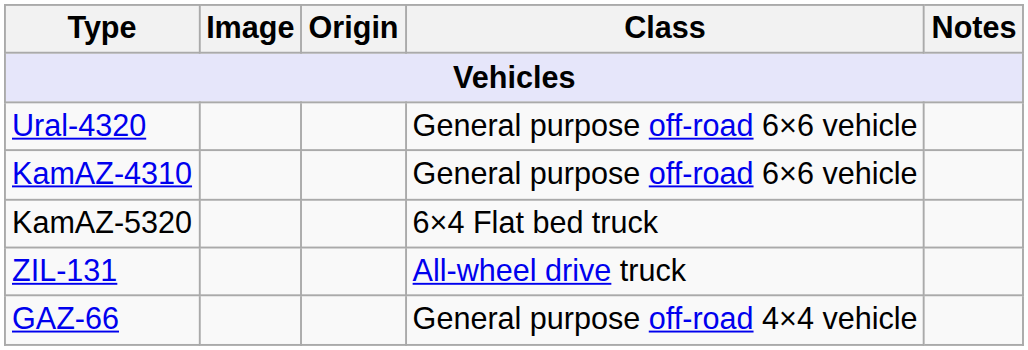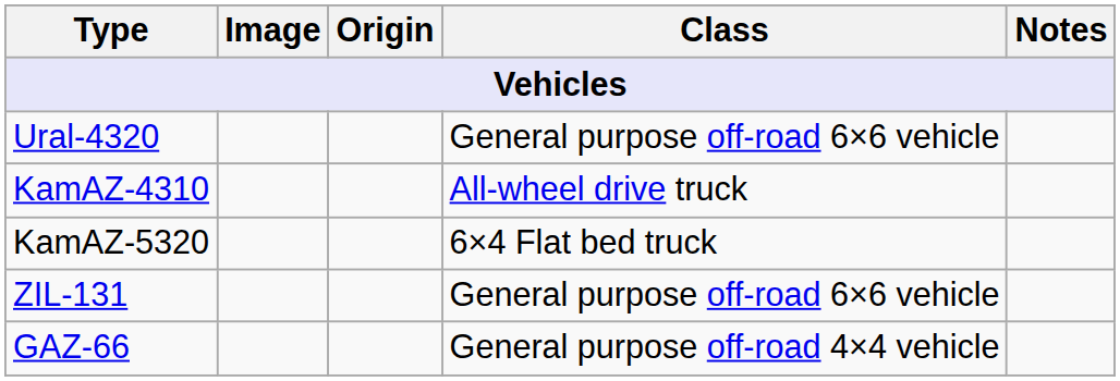 <table class="wikitable">
 <tr>
 <th>Type</th>
 <th>Image</th>
 <th>Origin</th>
 <th>Class</th>
 <th>Notes</th>
 </tr>
 <tr>
 <th colspan="6" style="align: center; background: lavender;">Vehicles</th>
 </tr>
 <tr>
 <td><a href='#'>Ural-4320</a></td>
 <td></td>
 <td></td>
 <td>General purpose <a href='#'>off-road</a> 6×6 vehicle</td>
 <td></td>
 </tr>
 <tr>
 <td><a href='#'>KamAZ-4310</a></td>
 <td></td>
 <td></td>
-<td>General purpose <a href='#'>off-road</a> 6×6 vehicle</td>
+<td><a href='#'>All-wheel drive</a> truck</td>
 <td></td>
 </tr>
 <tr>
 <td>KamAZ-5320</td>
 <td></td>
 <td></td>
 <td>6×4 Flat bed truck</td>
 <td></td>
 </tr>
 <tr>
 <td><a href='#'>ZIL-131</a></td>
 <td></td>
 <td></td>
-<td><a href='#'>All-wheel drive</a> truck</td>
+<td>General purpose <a href='#'>off-road</a> 6×6 vehicle</td>
 <td></td>
 </tr>
 <tr>
 <td><a href='#'>GAZ-66</a></td>
 <td></td>
 <td></td>
 <td>General purpose <a href='#'>off-road</a> 4×4 vehicle</td>
 <td></td>
 </tr>
 </table>
